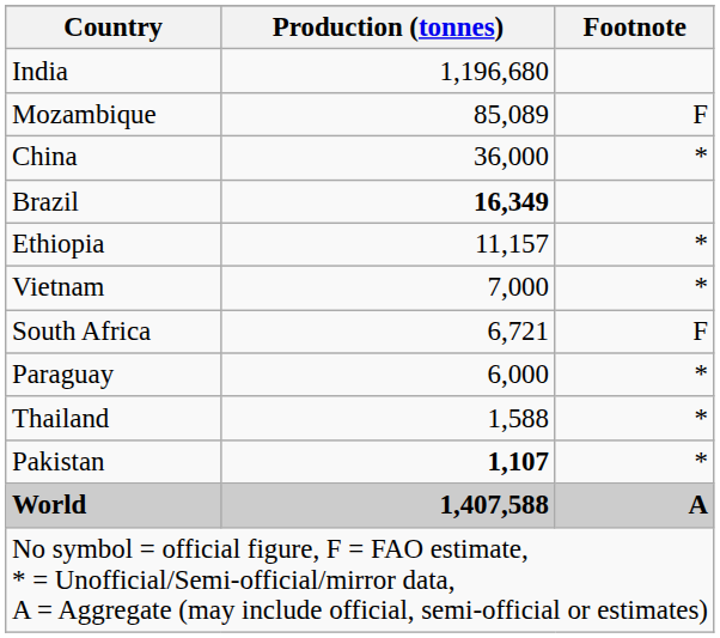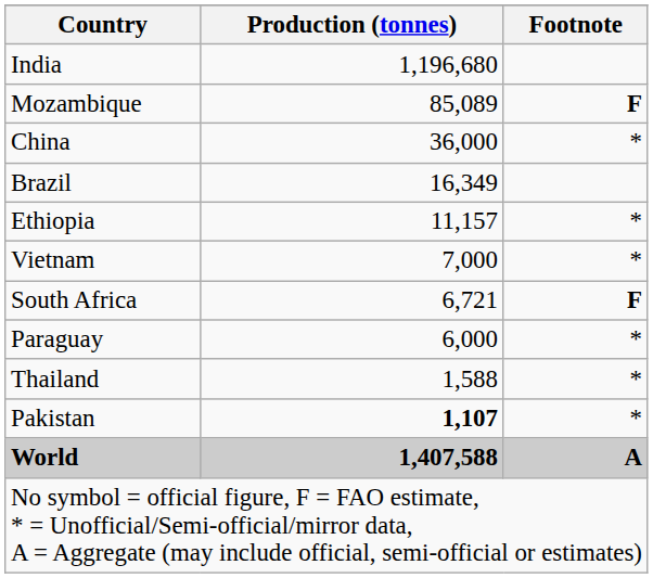 <table class="wikitable">
 <tr>
 </tr>
 <tr>
 <th>Country</th>
 <th>Production (<a href='#'>tonnes</a>)</th>
 <th>Footnote</th>
 </tr>
 <tr>
 <td>India</td>
 <td align="right">1,196,680</td>
 <td align="right"></td>
 </tr>
 <tr>
 <td>Mozambique</td>
 <td align="right">85,089</td>
-<td align="right">F</td>
+<td align="right"><strong>F</strong></td>
 </tr>
 <tr>
 <td>China</td>
 <td align="right">36,000</td>
 <td align="right">*</td>
 </tr>
 <tr>
 <td>Brazil</td>
-<td align="right"><strong>16,349</strong></td>
+<td align="right">16,349</td>
 <td align="right"></td>
 </tr>
 <tr>
 <td>Ethiopia</td>
 <td align="right">11,157</td>
 <td align="right">*</td>
 </tr>
 <tr>
 <td>Vietnam</td>
 <td align="right">7,000</td>
 <td align="right">*</td>
 </tr>
 <tr>
 <td>South Africa</td>
 <td align="right">6,721</td>
-<td align="right">F</td>
+<td align="right"><strong>F</strong></td>
 </tr>
 <tr>
 <td>Paraguay</td>
 <td align="right">6,000</td>
 <td align="right">*</td>
 </tr>
 <tr>
 <td>Thailand</td>
 <td align="right">1,588</td>
 <td align="right">*</td>
 </tr>
 <tr>
 <td>Pakistan</td>
 <td align="right"><strong>1,107</strong></td>
 <td align="right">*</td>
 </tr>
 <tr>
 <td bgcolor="#cccccc"><strong>World</strong></td>
 <td bgcolor="#cccccc" align="right"><strong>1,407,588 </strong></td>
 <td bgcolor="#cccccc" align="right"><strong>A</strong></td>
 </tr>
 <tr>
 <td colspan="5">No symbol = official figure, F = FAO estimate,<br>* = Unofficial/Semi-official/mirror data,<br>A = Aggregate (may include official, semi-official or estimates)</td>
 </tr>
 </table>
